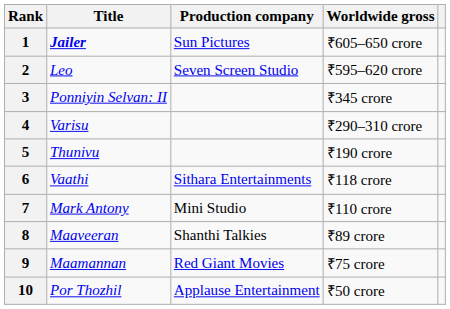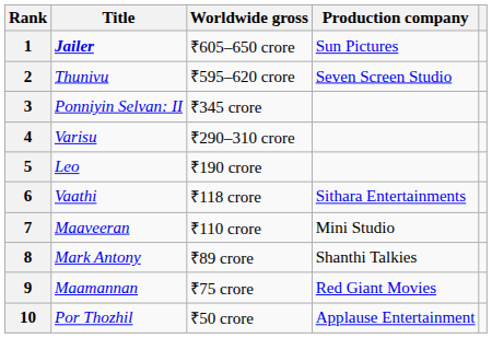 <table class="wikitable sortable">
 <tr>
 <th>Rank</th>
 <th>Title</th>
+<th>Worldwide gross</th>
 <th>Production company</th>
-<th>Worldwide gross</th>
 <th class="unsortable"></th>
 </tr>
 <tr>
 <th>1</th>
 <td><strong><em><a href='#'>Jailer</a></em></strong></td>
+<td>₹605–650 crore</td>
 <td><a href='#'>Sun Pictures</a></td>
-<td>₹605–650 crore</td>
 <td style="text-align:center;"></td>
 </tr>
 <tr>
 <th>2</th>
-<td><em><a href='#'>Leo</a></em></td>
+<td><em><a href='#'>Thunivu</a></em></td>
+<td>₹595–620 crore</td>
 <td><a href='#'>Seven Screen Studio</a></td>
-<td>₹595–620 crore</td>
 <td style="text-align:center;"></td>
 </tr>
 <tr>
 <th>3</th>
 <td><em><a href='#'>Ponniyin Selvan: II</a></em></td>
+<td>₹345 crore</td>
 <td></td>
-<td>₹345 crore</td>
 <td style="text-align:center;"></td>
 </tr>
 <tr>
 <th style="textalign:center;">4</th>
 <td><em><a href='#'>Varisu</a></em></td>
+<td>₹290–310 crore</td>
 <td></td>
-<td>₹290–310 crore</td>
 <td style="text-align:center;"></td>
 </tr>
 <tr>
 <th style="textalign:center;">5</th>
-<td><em><a href='#'>Thunivu</a></em></td>
+<td><em><a href='#'>Leo</a></em></td>
+<td>₹190 crore</td>
 <td></td>
-<td>₹190 crore</td>
 <td style="text-align:center;"></td>
 </tr>
 <tr>
 <th>6</th>
 <td><em><a href='#'>Vaathi</a></em></td>
+<td>₹118 crore</td>
 <td><a href='#'>Sithara Entertainments</a></td>
-<td>₹118 crore</td>
 <td style="text-align:center;"></td>
 </tr>
 <tr>
 <th>7</th>
-<td><em><a href='#'>Mark Antony</a></em></td>
+<td><em><a href='#'>Maaveeran</a></em></td>
+<td>₹110 crore</td>
 <td>Mini Studio</td>
-<td>₹110 crore</td>
 <td style="text-align:center;"></td>
 </tr>
 <tr>
 <th>8</th>
-<td><em><a href='#'>Maaveeran</a></em></td>
+<td><em><a href='#'>Mark Antony</a></em></td>
+<td>₹89 crore</td>
 <td>Shanthi Talkies</td>
-<td>₹89 crore</td>
 <td style="text-align:center;"></td>
 </tr>
 <tr>
 <th>9</th>
 <td><em><a href='#'>Maamannan</a></em></td>
+<td>₹75 crore</td>
 <td><a href='#'>Red Giant Movies</a></td>
-<td>₹75 crore</td>
 <td style="text-align:center;"></td>
 </tr>
 <tr>
 <th>10</th>
 <td><em><a href='#'>Por Thozhil</a></em></td>
+<td>₹50 crore</td>
 <td><a href='#'>Applause Entertainment</a></td>
-<td>₹50 crore</td>
 <td style="text-align:center;"></td>
 </tr>
 </table>
